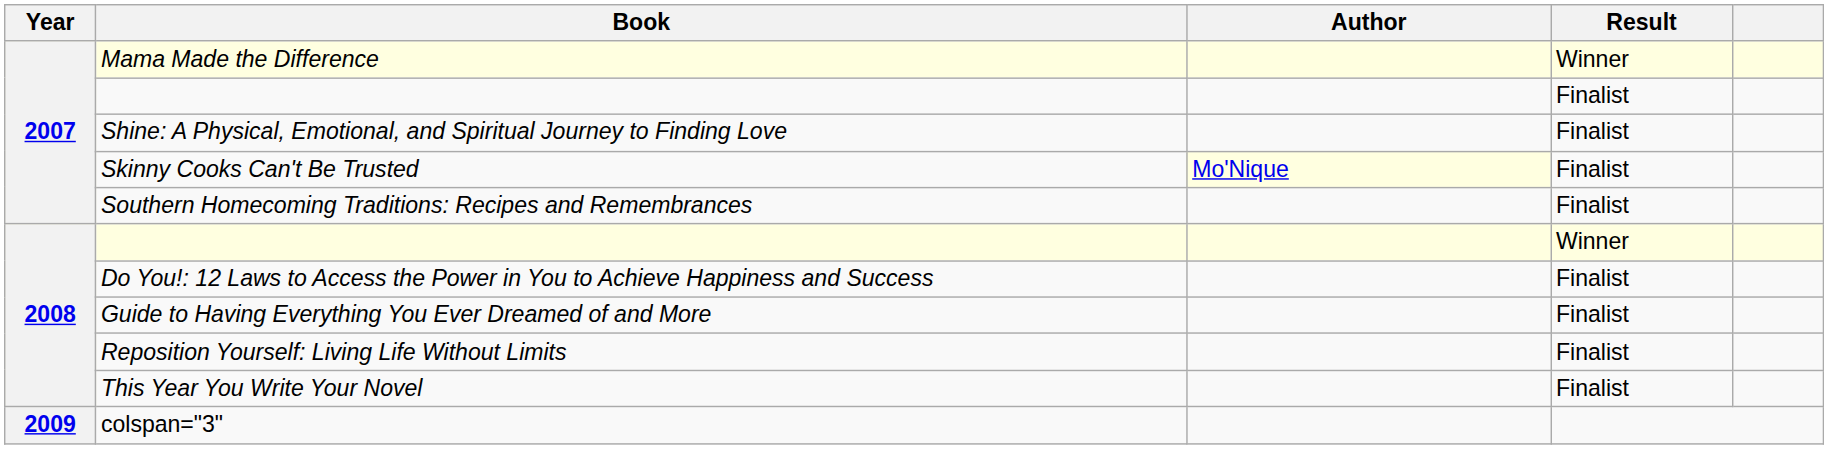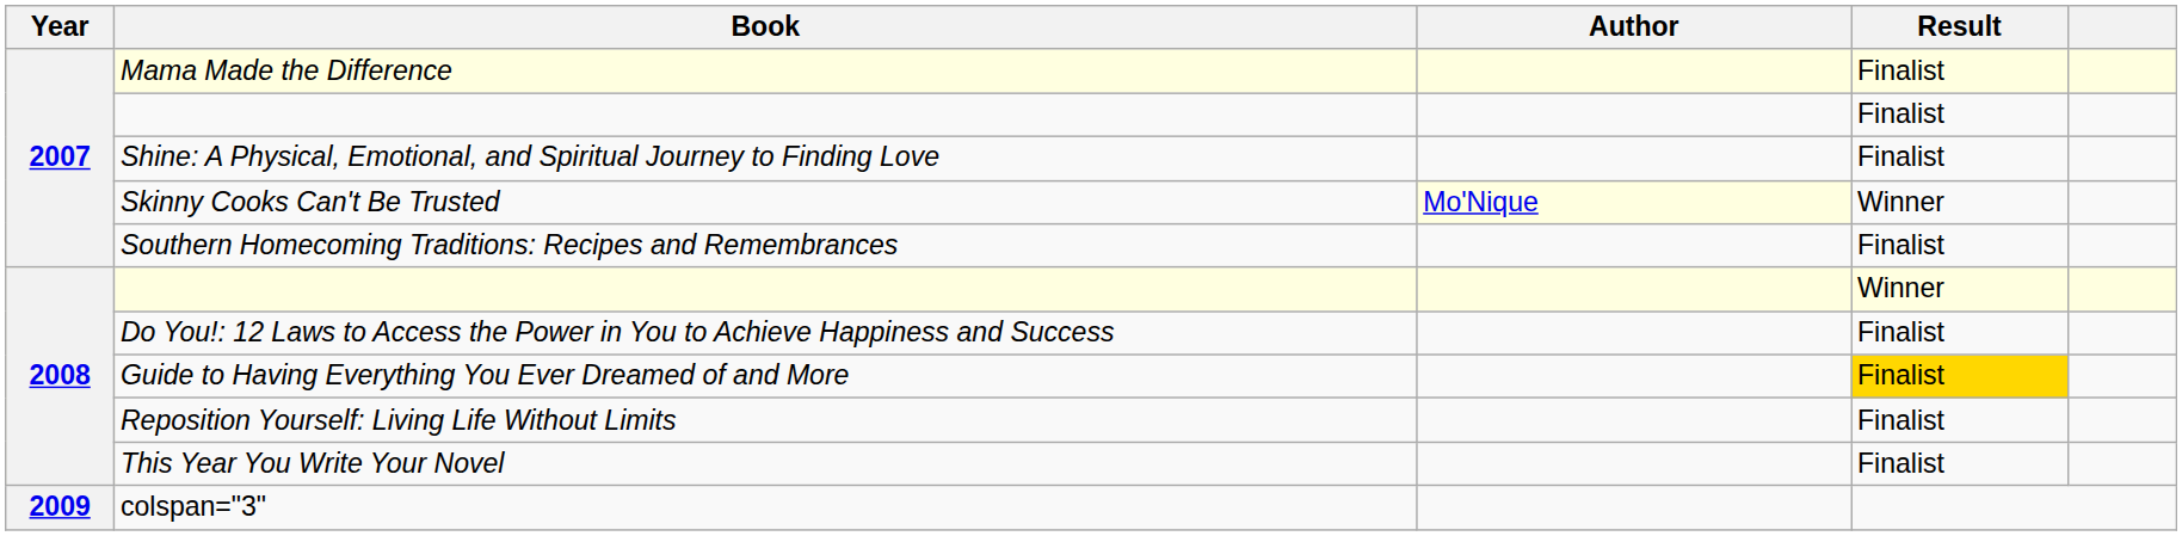 <table class="wikitable sortable mw-collapsible" style="width:100%">
 <tr>
 <th scope="col" style="width:5%">Year</th>
 <th scope="col" style="width:60%">Book</th>
 <th scope="col" style="width:20%">Author</th>
 <th scope="col" style="width:10%">Result</th>
 <th scope="col" style="width:5%"></th>
 </tr>
 <tr style="background:lightyellow">
 <th rowspan="5" scope="col"><a href='#'>2007</a></th>
 <td><em>Mama Made the Difference</em></td>
 <td></td>
-<td>Winner</td>
+<td>Finalist</td>
 <td></td>
 </tr>
 <tr>
 <td></td>
 <td></td>
 <td>Finalist</td>
 <td></td>
 </tr>
 <tr>
 <td><em>Shine: A Physical, Emotional, and Spiritual Journey to Finding Love</em></td>
 <td></td>
 <td>Finalist</td>
 <td></td>
 </tr>
 <tr>
 <td><em>Skinny Cooks Can't Be Trusted</em></td>
 <td style="background: lightyellow;"><a href='#'>Mo'Nique</a></td>
-<td>Finalist</td>
+<td>Winner</td>
 <td></td>
 </tr>
 <tr>
 <td><em>Southern Homecoming Traditions: Recipes and Remembrances</em></td>
 <td></td>
 <td>Finalist</td>
 <td></td>
 </tr>
 <tr style="background:lightyellow">
 <th rowspan="5" scope="col"><a href='#'>2008</a></th>
 <td></td>
 <td></td>
 <td>Winner</td>
 <td></td>
 </tr>
 <tr>
 <td><em>Do You!: 12 Laws to Access the Power in You to Achieve Happiness and Success</em></td>
 <td></td>
 <td>Finalist</td>
 <td></td>
 </tr>
 <tr>
 <td><em>Guide to Having Everything You Ever Dreamed of and More</em></td>
 <td></td>
-<td>Finalist</td>
+<td style="background: gold;">Finalist</td>
 <td></td>
 </tr>
 <tr>
 <td><em>Reposition Yourself: Living Life Without Limits</em></td>
 <td></td>
 <td>Finalist</td>
 <td></td>
 </tr>
 <tr>
 <td><em>This Year You Write Your Novel</em></td>
 <td></td>
 <td>Finalist</td>
 <td></td>
 </tr>
 <tr>
 <th><a href='#'>2009</a></th>
 <td>colspan="3" </td>
 <td></td>
 </tr>
 </table>
